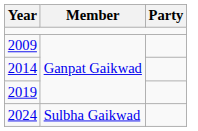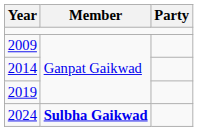 <table class="wikitable">
 <tr>
 <th>Year</th>
 <th>Member</th>
 <th colspan="2">Party</th>
 </tr>
 <tr>
 <td colspan="4"></td>
 </tr>
 <tr>
 <td><a href='#'>2009</a></td>
 <td rowspan="3"><a href='#'>Ganpat Gaikwad</a></td>
 <td></td>
 </tr>
 <tr>
 <td><a href='#'>2014</a></td>
 </tr>
 <tr>
 <td><a href='#'>2019</a></td>
 <td></td>
 </tr>
 <tr>
 <td><a href='#'>2024</a></td>
-<td><a href='#'>Sulbha Gaikwad</a></td>
+<td><strong><a href='#'>Sulbha Gaikwad</a></strong></td>
 </tr>
 </table>
